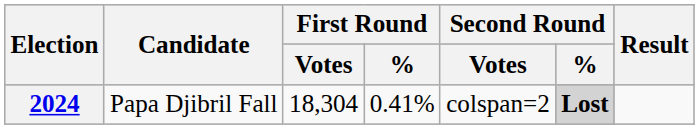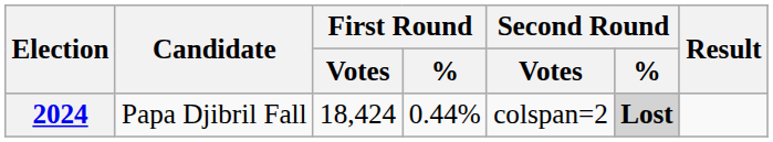 <table class="wikitable" style="text-align:center">
 <tr>
 <th rowspan="2">Election</th>
 <th rowspan="2">Candidate</th>
 <th colspan="2">First Round</th>
 <th colspan="2">Second Round</th>
 <th rowspan="2">Result</th>
 </tr>
 <tr>
 <th><strong>Votes</strong></th>
 <th><strong>%</strong></th>
 <th><strong>Votes</strong></th>
 <th><strong>%</strong></th>
 </tr>
 <tr>
 <th><a href='#'>2024</a></th>
 <td>Papa Djibril Fall</td>
-<td>18,304</td>
-<td>0.41%</td>
+<td>18,424</td>
+<td>0.44%</td>
 <td>colspan=2 </td>
 <td style="background: lightgrey;"><strong>Lost</strong> </td>
 </tr>
 </table>
